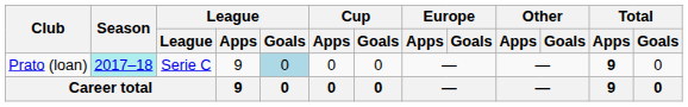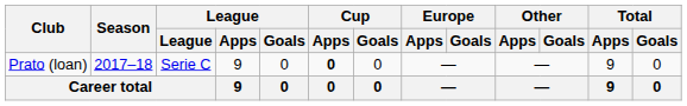 <table class="wikitable" style="text-align: center;">
 <tr>
 <th rowspan="2">Club</th>
 <th rowspan="2">Season</th>
 <th colspan="3">League</th>
 <th colspan="2">Cup</th>
 <th colspan="2">Europe</th>
 <th colspan="2">Other</th>
 <th colspan="2">Total</th>
 </tr>
 <tr>
 <th>League</th>
 <th>Apps</th>
 <th>Goals</th>
 <th>Apps</th>
 <th>Goals</th>
 <th>Apps</th>
 <th>Goals</th>
 <th>Apps</th>
 <th>Goals</th>
 <th>Apps</th>
 <th>Goals</th>
 </tr>
 <tr>
 <td><a href='#'>Prato</a> (loan)</td>
-<td style="background: paleturquoise;"><a href='#'>2017–18</a></td>
+<td><a href='#'>2017–18</a></td>
 <td><a href='#'>Serie C</a></td>
 <td>9</td>
-<td style="background: lightblue;">0</td>
 <td>0</td>
+<td><strong>0</strong></td>
 <td>0</td>
 <td colspan="2">—</td>
 <td colspan="2">—</td>
-<td><strong>9</strong></td>
+<td>9</td>
 <td>0</td>
 </tr>
 <tr>
 <th colspan="3">Career total</th>
 <th>9</th>
 <th>0</th>
 <th>0</th>
 <th>0</th>
 <th colspan="2">—</th>
 <th colspan="2">—</th>
 <th>9</th>
 <th>0</th>
 </tr>
 </table>
